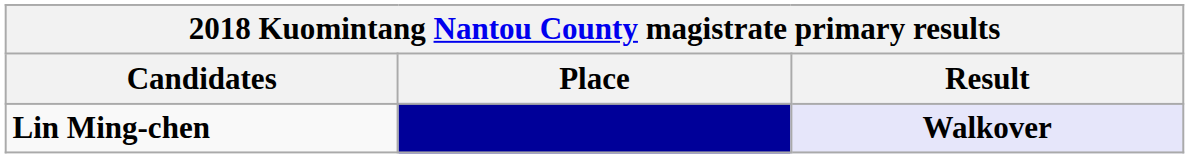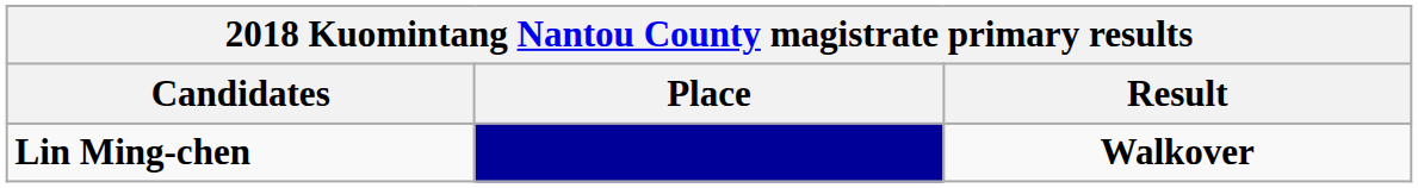 <table class="wikitable collapsible" style="margin: 1em auto;">
 <tr>
 <th colspan="6" width=600>2018 Kuomintang <a href='#'>Nantou County</a> magistrate primary results</th>
 </tr>
 <tr>
 <th width=80>Candidates</th>
 <th width=80>Place</th>
 <th width=80>Result</th>
 </tr>
 <tr>
 <td><strong>Lin Ming-chen</strong></td>
 <td style="background: #000099; text-align:center"><strong></strong></td>
-<td style="background: lavender; text-align:center"><strong>Walkover</strong></td>
+<td style="text-align:center"><strong>Walkover</strong></td>
 </tr>
 </table>
